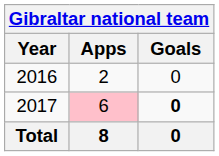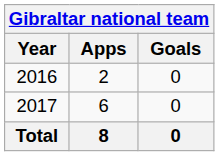 <table class="wikitable" style="text-align:center">
 <tr>
 <th colspan=4><a href='#'>Gibraltar national team</a></th>
 </tr>
 <tr>
 <th>Year</th>
 <th>Apps</th>
 <th>Goals</th>
 </tr>
 <tr>
 <td>2016</td>
 <td>2</td>
 <td>0</td>
 </tr>
 <tr>
 <td>2017</td>
-<td style="background: pink;">6</td>
-<td><strong>0</strong></td>
+<td>6</td>
+<td>0</td>
 </tr>
 <tr>
 <th>Total</th>
 <th>8</th>
 <th>0</th>
 </tr>
 </table>
